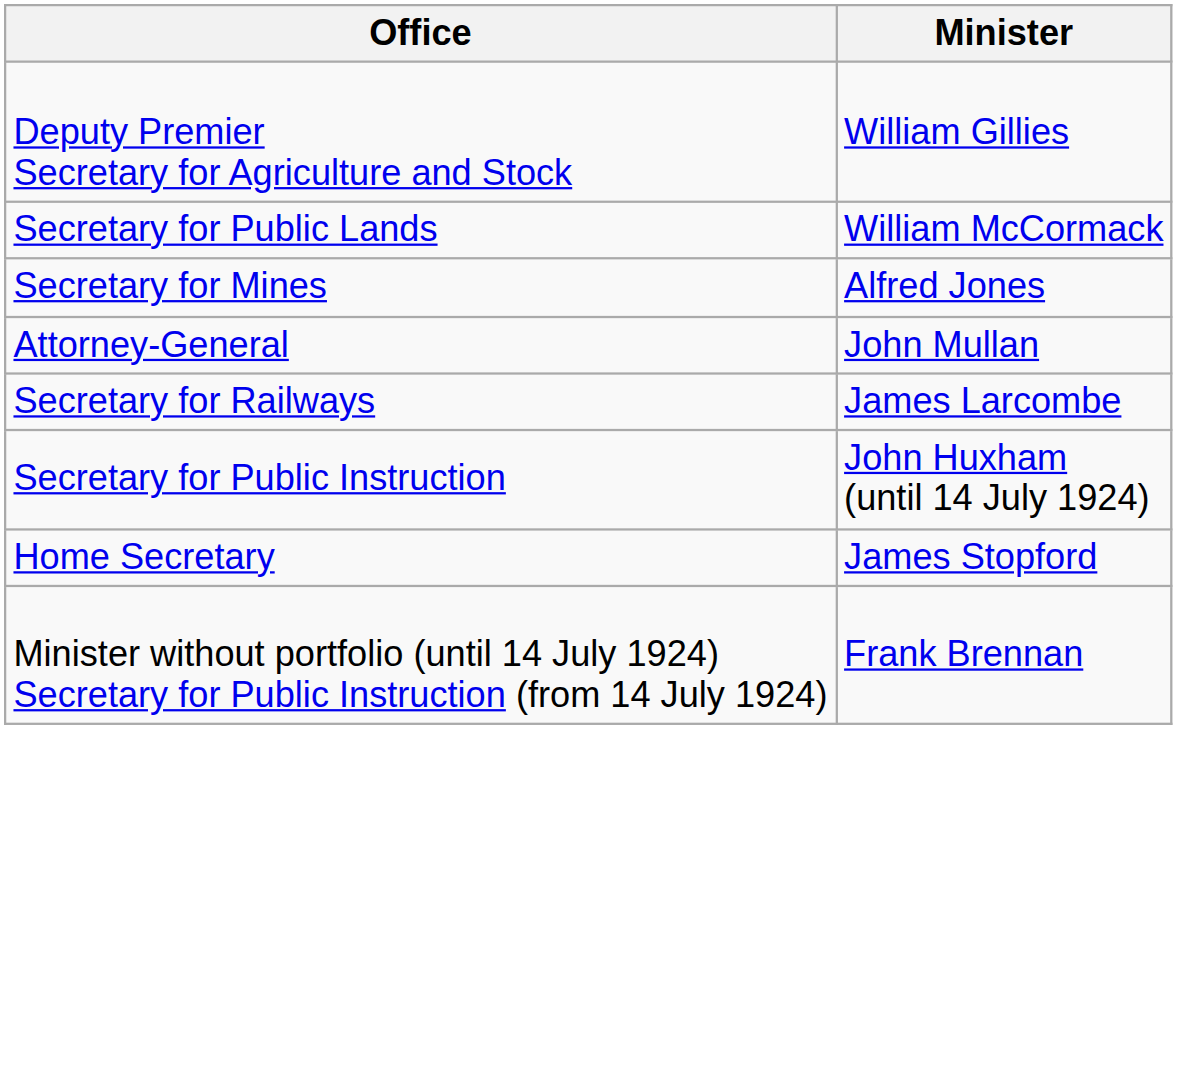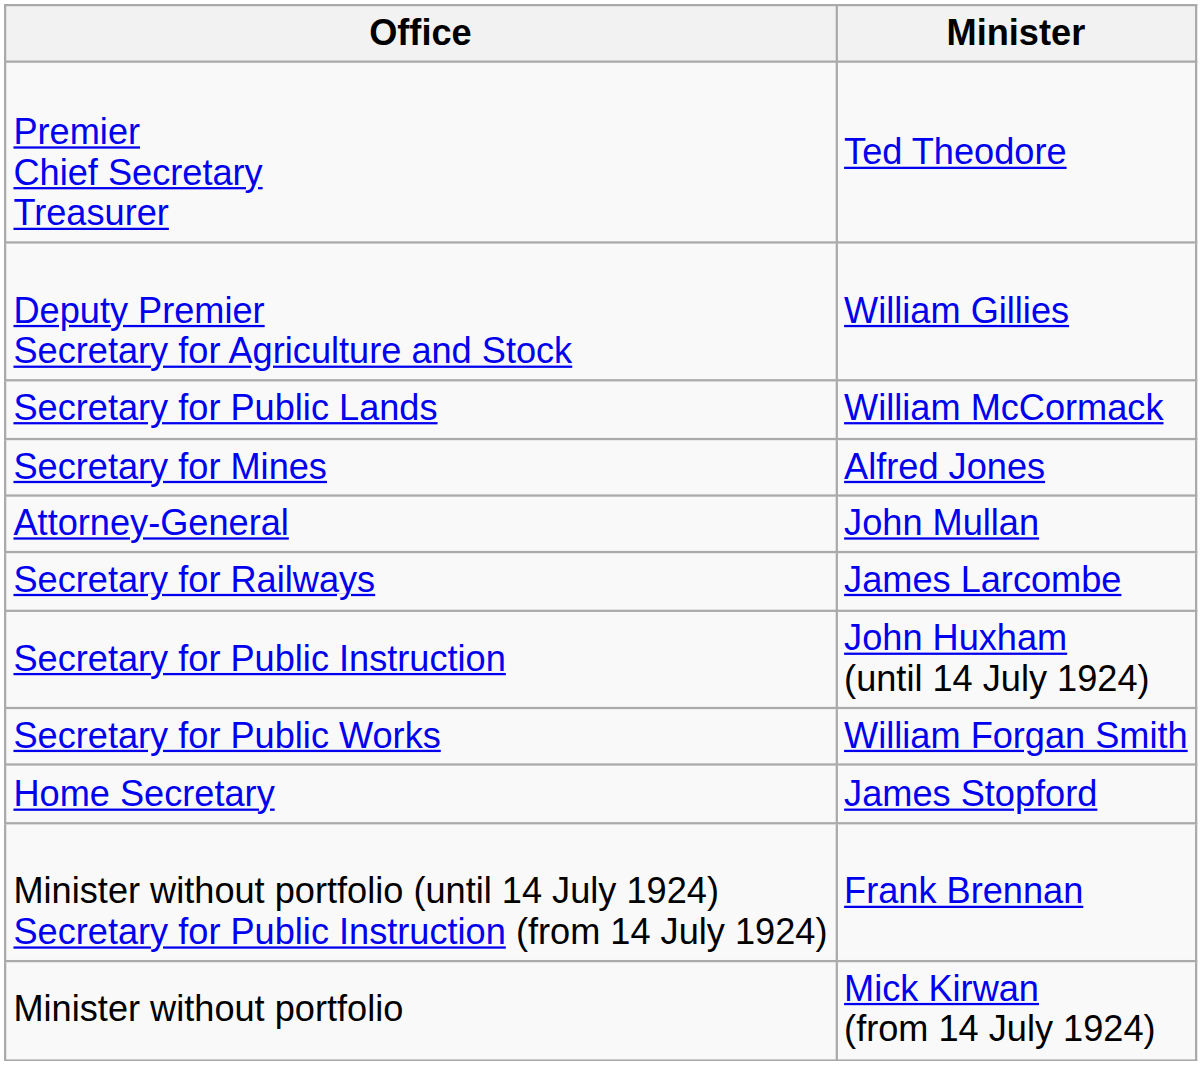 <table class="wikitable">
 <tr>
 <th>Office</th>
 <th>Minister</th>
+</tr>
+<tr>
+<td><br><a href='#'>Premier</a><br> <a href='#'>Chief Secretary</a><br> <a href='#'>Treasurer</a><br></td>
+<td><a href='#'>Ted Theodore</a></td>
 </tr>
 <tr>
 <td><br><a href='#'>Deputy Premier</a><br> <a href='#'>Secretary for Agriculture and Stock</a></td>
 <td><a href='#'>William Gillies</a></td>
 </tr>
 <tr>
 <td><a href='#'>Secretary for Public Lands</a></td>
 <td><a href='#'>William McCormack</a></td>
 </tr>
 <tr>
 <td><a href='#'>Secretary for Mines</a></td>
 <td><a href='#'>Alfred Jones</a></td>
 </tr>
 <tr>
 <td><a href='#'>Attorney-General</a></td>
 <td><a href='#'>John Mullan</a></td>
 </tr>
 <tr>
 <td><a href='#'>Secretary for Railways</a></td>
 <td><a href='#'>James Larcombe</a></td>
 </tr>
 <tr>
 <td><a href='#'>Secretary for Public Instruction</a></td>
 <td><a href='#'>John Huxham</a><br>(until 14 July 1924)</td>
 </tr>
 <tr>
+<td><a href='#'>Secretary for Public Works</a></td>
+<td><a href='#'>William Forgan Smith</a></td>
+</tr>
+<tr>
 <td><a href='#'>Home Secretary</a></td>
 <td><a href='#'>James Stopford</a></td>
 </tr>
 <tr>
 <td><br>Minister without portfolio (until 14 July 1924)<br> <a href='#'>Secretary for Public Instruction</a> (from 14 July 1924)</td>
 <td><a href='#'>Frank Brennan</a></td>
 </tr>
+<tr>
+<td>Minister without portfolio</td>
+<td><a href='#'>Mick Kirwan</a><br>(from 14 July 1924)</td>
+</tr>
 </table>
